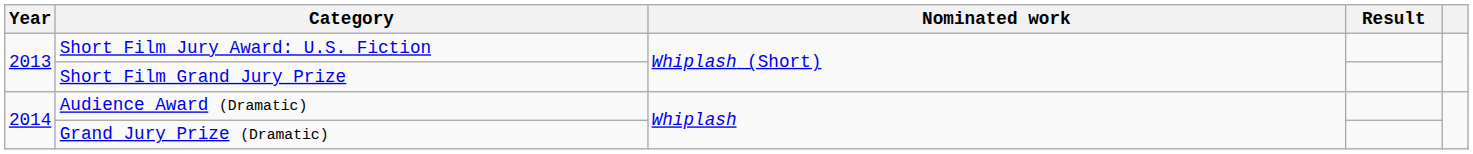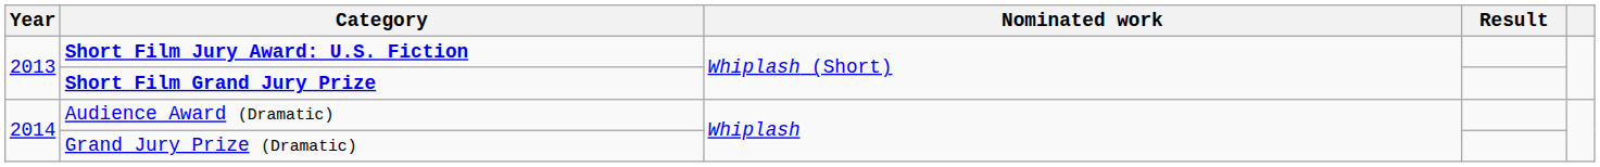 <table class=wikitable>
 <tr>
 <th scope="col" style="width:1em;">Year</th>
 <th scope="col" style="width:33em;">Category</th>
 <th scope="col" style="width:39em;">Nominated work</th>
 <th scope="col" style="width:5em;">Result</th>
 <th scope="col" style="width:1em;"></th>
 </tr>
 <tr>
 <td rowspan="2"><a href='#'>2013</a></td>
-<td><a href='#'>Short Film Jury Award: U.S. Fiction</a></td>
+<td><strong><a href='#'>Short Film Jury Award: U.S. Fiction</a></strong></td>
 <td rowspan="2"><a href='#'><em>Whiplash</em> (Short)</a></td>
 <td></td>
 <td rowspan="2"></td>
 </tr>
 <tr>
-<td><a href='#'>Short Film Grand Jury Prize</a></td>
+<td><strong><a href='#'>Short Film Grand Jury Prize</a></strong></td>
 <td></td>
 </tr>
 <tr>
 <td rowspan="2"><a href='#'>2014</a></td>
 <td><a href='#'>Audience Award</a> <small>(Dramatic)</small></td>
 <td rowspan="2"><em><a href='#'>Whiplash</a></em></td>
 <td></td>
 <td rowspan="2"></td>
 </tr>
 <tr>
 <td><a href='#'>Grand Jury Prize</a> <small>(Dramatic)</small></td>
 <td></td>
 </tr>
 </table>
